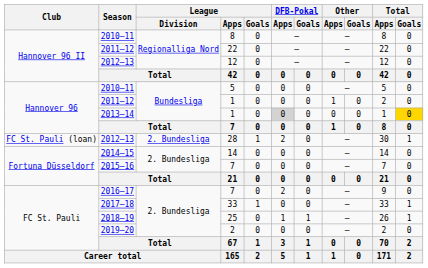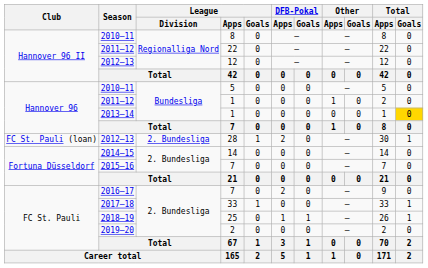 <table class="wikitable" style="text-align: center">
 <tr>
 <th rowspan="2">Club</th>
 <th rowspan="2">Season</th>
 <th colspan="3">League</th>
 <th colspan="2"><a href='#'>DFB-Pokal</a></th>
 <th colspan="2">Other</th>
 <th colspan="2">Total</th>
 </tr>
 <tr>
 <th>Division</th>
 <th>Apps</th>
 <th>Goals</th>
 <th>Apps</th>
 <th>Goals</th>
 <th>Apps</th>
 <th>Goals</th>
 <th>Apps</th>
 <th>Goals</th>
 </tr>
 <tr>
 <td rowspan="4"><a href='#'>Hannover 96 II</a></td>
 <td><a href='#'>2010–11</a></td>
 <td rowspan="3"><a href='#'>Regionalliga Nord</a></td>
 <td>8</td>
 <td>0</td>
 <td colspan="2">—</td>
 <td colspan="2">—</td>
 <td>8</td>
 <td>0</td>
 </tr>
 <tr>
 <td><a href='#'>2011–12</a></td>
 <td>22</td>
 <td>0</td>
 <td colspan="2">—</td>
 <td colspan="2">—</td>
 <td>22</td>
 <td>0</td>
 </tr>
 <tr>
 <td><a href='#'>2012–13</a></td>
 <td>12</td>
 <td>0</td>
 <td colspan="2">—</td>
 <td colspan="2">—</td>
 <td>12</td>
 <td>0</td>
 </tr>
 <tr>
 <th colspan="2">Total</th>
 <th>42</th>
 <th>0</th>
 <th>0</th>
 <th>0</th>
 <th>0</th>
 <th>0</th>
 <th>42</th>
 <th>0</th>
 </tr>
 <tr>
 <td rowspan="4"><a href='#'>Hannover 96</a></td>
 <td><a href='#'>2010–11</a></td>
 <td rowspan="3"><a href='#'>Bundesliga</a></td>
 <td>5</td>
 <td>0</td>
 <td>0</td>
 <td>0</td>
 <td colspan="2">—</td>
 <td>5</td>
 <td>0</td>
 </tr>
 <tr>
 <td><a href='#'>2011–12</a></td>
 <td>1</td>
 <td>0</td>
 <td>0</td>
 <td>0</td>
 <td>1</td>
 <td>0</td>
 <td>2</td>
 <td>0</td>
 </tr>
 <tr>
 <td><a href='#'>2013–14</a></td>
 <td>1</td>
 <td>0</td>
-<td style="background: lightgrey;">0</td>
+<td>0</td>
 <td>0</td>
 <td>0</td>
 <td>0</td>
 <td>1</td>
 <td style="background: gold;">0</td>
 </tr>
 <tr>
 <th colspan="2">Total</th>
 <th>7</th>
 <th>0</th>
 <th>0</th>
 <th>0</th>
 <th>1</th>
 <th>0</th>
 <th>8</th>
 <th>0</th>
 </tr>
 <tr>
 <td><a href='#'>FC St. Pauli</a> (loan)</td>
 <td><a href='#'>2012–13</a></td>
 <td><a href='#'>2. Bundesliga</a></td>
 <td>28</td>
 <td>1</td>
 <td>2</td>
 <td>0</td>
 <td colspan="2">—</td>
 <td>30</td>
 <td>1</td>
 </tr>
 <tr>
 <td rowspan="3"><a href='#'>Fortuna Düsseldorf</a></td>
 <td><a href='#'>2014–15</a></td>
 <td rowspan="2">2. Bundesliga</td>
 <td>14</td>
 <td>0</td>
 <td>0</td>
 <td>0</td>
 <td colspan="2">—</td>
 <td>14</td>
 <td>0</td>
 </tr>
 <tr>
 <td><a href='#'>2015–16</a></td>
 <td>7</td>
 <td>0</td>
 <td>0</td>
 <td>0</td>
 <td colspan="2">—</td>
 <td>7</td>
 <td>0</td>
 </tr>
 <tr>
 <th colspan="2">Total</th>
 <th>21</th>
 <th>0</th>
 <th>0</th>
 <th>0</th>
 <th>0</th>
 <th>0</th>
 <th>21</th>
 <th>0</th>
 </tr>
 <tr>
 <td rowspan="5">FC St. Pauli</td>
 <td><a href='#'>2016–17</a></td>
 <td rowspan="4">2. Bundesliga</td>
 <td>7</td>
 <td>0</td>
 <td>2</td>
 <td>0</td>
 <td colspan="2">—</td>
 <td>9</td>
 <td>0</td>
 </tr>
 <tr>
 <td><a href='#'>2017–18</a></td>
 <td>33</td>
 <td>1</td>
 <td>0</td>
 <td>0</td>
 <td colspan="2">—</td>
 <td>33</td>
 <td>1</td>
 </tr>
 <tr>
 <td><a href='#'>2018–19</a></td>
 <td>25</td>
 <td>0</td>
 <td>1</td>
 <td>1</td>
 <td colspan="2">—</td>
 <td>26</td>
 <td>1</td>
 </tr>
 <tr>
 <td><a href='#'>2019–20</a></td>
 <td>2</td>
 <td>0</td>
 <td>0</td>
 <td>0</td>
 <td colspan="2">—</td>
 <td>2</td>
 <td>0</td>
 </tr>
 <tr>
 <th colspan="2">Total</th>
 <th>67</th>
 <th>1</th>
 <th>3</th>
 <th>1</th>
 <th>0</th>
 <th>0</th>
 <th>70</th>
 <th>2</th>
 </tr>
 <tr>
 <th colspan="3">Career total</th>
 <th>165</th>
 <th>2</th>
 <th>5</th>
 <th>1</th>
 <th>1</th>
 <th>0</th>
 <th>171</th>
 <th>2</th>
 </tr>
 </table>
